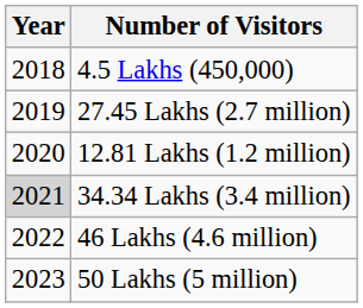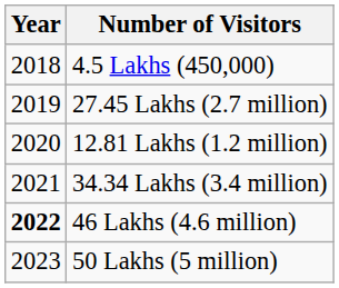 <table class="wikitable sortable">
 <tr>
 <th>Year</th>
 <th>Number of Visitors</th>
 </tr>
 <tr>
 <td>2018</td>
 <td>4.5 <a href='#'>Lakhs</a> (450,000)</td>
 </tr>
 <tr>
 <td>2019</td>
 <td>27.45 Lakhs (2.7 million)</td>
 </tr>
 <tr>
 <td>2020</td>
 <td>12.81 Lakhs (1.2 million)</td>
 </tr>
 <tr>
-<td style="background: lightgrey;">2021</td>
+<td>2021</td>
 <td>34.34 Lakhs (3.4 million)</td>
 </tr>
 <tr>
-<td>2022</td>
+<td><strong>2022</strong></td>
 <td>46 Lakhs (4.6 million)</td>
 </tr>
 <tr>
 <td>2023</td>
 <td>50 Lakhs (5 million)</td>
 </tr>
 </table>
